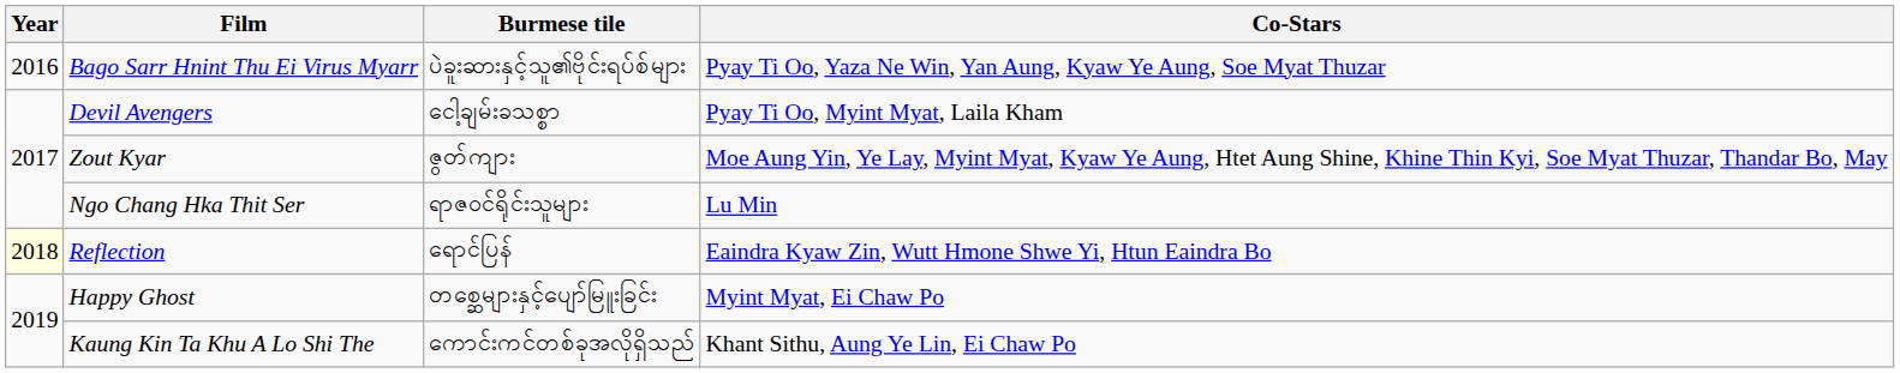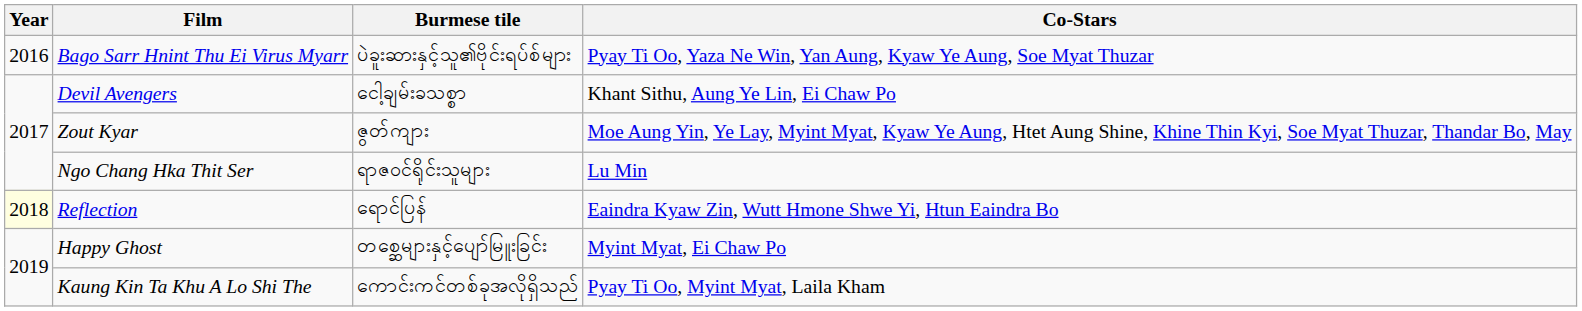 <table class="wikitable sortable">
 <tr>
 <th>Year</th>
 <th>Film</th>
 <th>Burmese tile</th>
 <th>Co-Stars</th>
 </tr>
 <tr>
 <td>2016</td>
 <td><em><a href='#'>Bago Sarr Hnint Thu Ei Virus Myarr</a></em></td>
 <td>ပဲခူးဆားနှင့်သူ၏ဗိုင်းရပ်စ်များ</td>
 <td><a href='#'>Pyay Ti Oo</a>, <a href='#'>Yaza Ne Win</a>, <a href='#'>Yan Aung</a>, <a href='#'>Kyaw Ye Aung</a>, <a href='#'>Soe Myat Thuzar</a></td>
 </tr>
 <tr>
 <td rowspan=3>2017</td>
 <td><em><a href='#'>Devil Avengers</a></em></td>
 <td>ငေါ့ချမ်းခသစ္စာ</td>
-<td><a href='#'>Pyay Ti Oo</a>, <a href='#'>Myint Myat</a>, Laila Kham</td>
+<td>Khant Sithu, <a href='#'>Aung Ye Lin</a>, <a href='#'>Ei Chaw Po</a></td>
 </tr>
 <tr>
 <td><em>Zout Kyar</em></td>
 <td>ဇွတ်ကျား</td>
 <td><a href='#'>Moe Aung Yin</a>, <a href='#'>Ye Lay</a>, <a href='#'>Myint Myat</a>, <a href='#'>Kyaw Ye Aung</a>, Htet Aung Shine, <a href='#'>Khine Thin Kyi</a>, <a href='#'>Soe Myat Thuzar</a>, <a href='#'>Thandar Bo</a>, <a href='#'>May</a></td>
 </tr>
 <tr>
 <td><em>Ngo Chang Hka Thit Ser</em></td>
 <td>ရာဇဝင်ရိုင်းသူများ</td>
 <td><a href='#'>Lu Min</a></td>
 </tr>
 <tr>
 <td style="background: lightyellow;">2018</td>
 <td><em><a href='#'>Reflection</a></em></td>
 <td>ရောင်ပြန်</td>
 <td><a href='#'>Eaindra Kyaw Zin</a>, <a href='#'>Wutt Hmone Shwe Yi</a>, <a href='#'>Htun Eaindra Bo</a></td>
 </tr>
 <tr>
 <td rowspan=2>2019</td>
 <td><em>Happy Ghost</em></td>
 <td>တစ္ဆေများနှင့်ပျော်မြူးခြင်း</td>
 <td><a href='#'>Myint Myat</a>, <a href='#'>Ei Chaw Po</a></td>
 </tr>
 <tr>
 <td><em>Kaung Kin Ta Khu A Lo Shi The</em></td>
 <td>ကောင်းကင်တစ်ခုအလိုရှိသည်</td>
-<td>Khant Sithu, <a href='#'>Aung Ye Lin</a>, <a href='#'>Ei Chaw Po</a></td>
+<td><a href='#'>Pyay Ti Oo</a>, <a href='#'>Myint Myat</a>, Laila Kham</td>
 </tr>
 </table>
